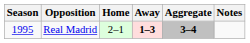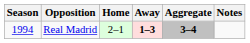 <table class="wikitable sortable">
 <tr>
 <th>Season</th>
 <th>Opposition</th>
 <th>Home</th>
 <th>Away</th>
 <th>Aggregate</th>
 <th>Notes</th>
 </tr>
 <tr>
-<td align=center><a href='#'>1995</a></td>
+<td align=center><a href='#'>1994</a></td>
 <td> <a href='#'>Real Madrid</a></td>
 <td style="text-align:center; background:#dfd;">2–1</td>
 <td style="text-align:center; background:#fdd;"><strong>1–3</strong></td>
 <td bgcolor=silver style="text-align:center;"><strong>3–4</strong></td>
 <td></td>
 </tr>
 </table>
